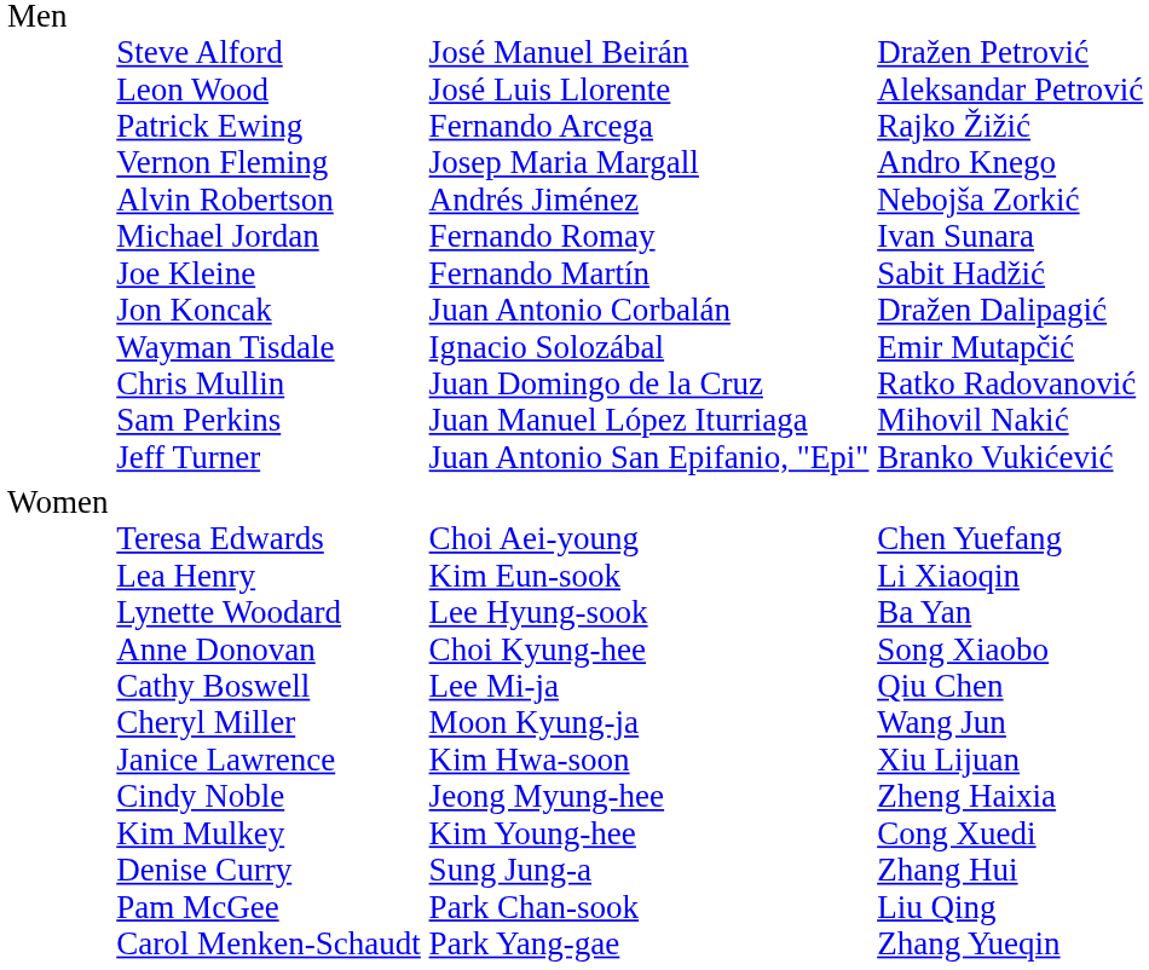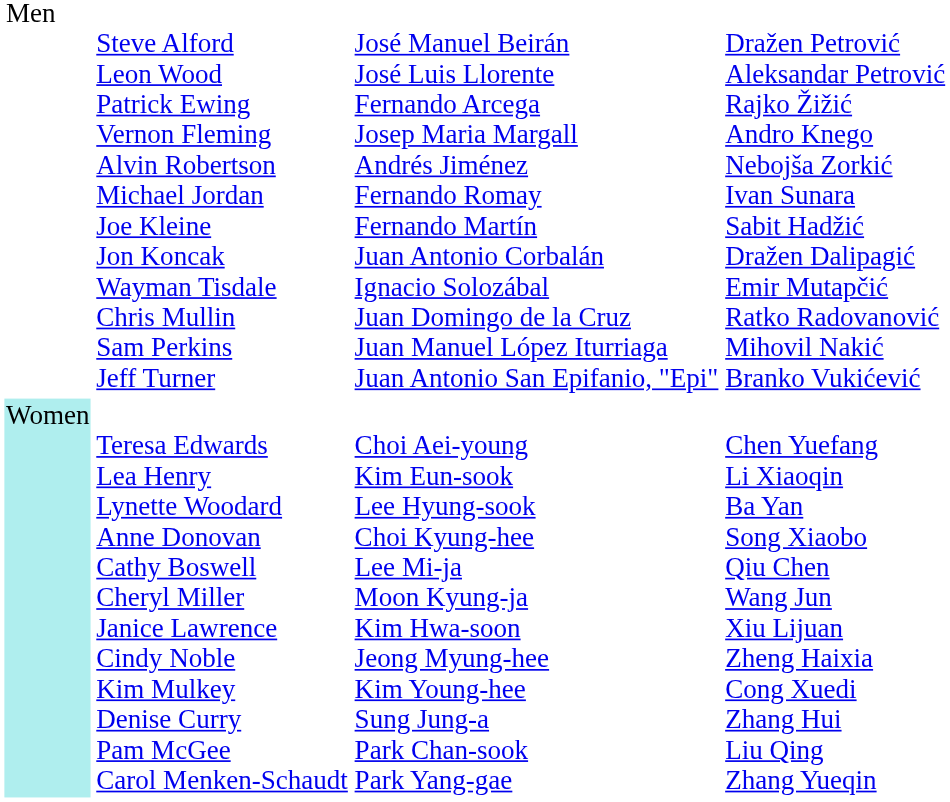 <table>
 <tr valign="top">
 <td>Men<br></td>
 <td><br><a href='#'>Steve Alford</a><br> <a href='#'>Leon Wood</a><br> <a href='#'>Patrick Ewing</a><br> <a href='#'>Vernon Fleming</a><br> <a href='#'>Alvin Robertson</a><br> <a href='#'>Michael Jordan</a><br> <a href='#'>Joe Kleine</a><br> <a href='#'>Jon Koncak</a><br> <a href='#'>Wayman Tisdale</a><br> <a href='#'>Chris Mullin</a><br> <a href='#'>Sam Perkins</a><br> <a href='#'>Jeff Turner</a></td>
 <td><br><a href='#'>José Manuel Beirán</a><br> <a href='#'>José Luis Llorente</a><br> <a href='#'>Fernando Arcega</a><br> <a href='#'>Josep Maria Margall</a><br> <a href='#'>Andrés Jiménez</a><br> <a href='#'>Fernando Romay</a><br> <a href='#'>Fernando Martín</a><br> <a href='#'>Juan Antonio Corbalán</a><br> <a href='#'>Ignacio Solozábal</a><br> <a href='#'>Juan Domingo de la Cruz</a><br> <a href='#'>Juan Manuel López Iturriaga</a><br> <a href='#'>Juan Antonio San Epifanio, "Epi"</a></td>
 <td><br><a href='#'>Dražen Petrović</a><br> <a href='#'>Aleksandar Petrović</a><br> <a href='#'>Rajko Žižić</a><br> <a href='#'>Andro Knego</a><br> <a href='#'>Nebojša Zorkić</a><br> <a href='#'>Ivan Sunara</a><br> <a href='#'>Sabit Hadžić</a><br> <a href='#'>Dražen Dalipagić</a><br> <a href='#'>Emir Mutapčić</a><br> <a href='#'>Ratko Radovanović</a><br> <a href='#'>Mihovil Nakić</a><br> <a href='#'>Branko Vukićević</a></td>
 </tr>
 <tr valign="top">
-<td>Women<br></td>
+<td style="background: paleturquoise;">Women<br></td>
 <td><br><a href='#'>Teresa Edwards</a><br><a href='#'>Lea Henry</a><br><a href='#'>Lynette Woodard</a><br><a href='#'>Anne Donovan</a><br><a href='#'>Cathy Boswell</a><br><a href='#'>Cheryl Miller</a><br><a href='#'>Janice Lawrence</a><br><a href='#'>Cindy Noble</a><br><a href='#'>Kim Mulkey</a><br><a href='#'>Denise Curry</a><br><a href='#'>Pam McGee</a><br><a href='#'>Carol Menken-Schaudt</a></td>
 <td><br><a href='#'>Choi Aei-young</a><br><a href='#'>Kim Eun-sook</a><br><a href='#'>Lee Hyung-sook</a><br><a href='#'>Choi Kyung-hee</a><br><a href='#'>Lee Mi-ja</a><br><a href='#'>Moon Kyung-ja</a><br><a href='#'>Kim Hwa-soon</a><br><a href='#'>Jeong Myung-hee</a><br><a href='#'>Kim Young-hee</a><br><a href='#'>Sung Jung-a</a><br><a href='#'>Park Chan-sook</a><br><a href='#'>Park Yang-gae</a></td>
 <td><br><a href='#'>Chen Yuefang</a><br><a href='#'>Li Xiaoqin</a><br><a href='#'>Ba Yan</a><br><a href='#'>Song Xiaobo</a><br><a href='#'>Qiu Chen</a><br><a href='#'>Wang Jun</a><br><a href='#'>Xiu Lijuan</a><br><a href='#'>Zheng Haixia</a><br><a href='#'>Cong Xuedi</a><br><a href='#'>Zhang Hui</a><br><a href='#'>Liu Qing</a><br><a href='#'>Zhang Yueqin</a></td>
 </tr>
 </table>
